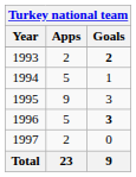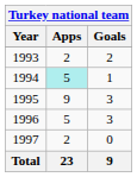 <table class="wikitable" style="text-align:center">
 <tr>
 <th colspan=3><a href='#'>Turkey national team</a></th>
 </tr>
 <tr>
 <th>Year</th>
 <th>Apps</th>
 <th>Goals</th>
 </tr>
 <tr>
 </tr>
 <tr>
 <td>1993</td>
 <td>2</td>
-<td><strong>2</strong></td>
+<td>2</td>
 </tr>
 <tr>
 <td>1994</td>
-<td>5</td>
+<td style="background: paleturquoise;">5</td>
 <td>1</td>
 </tr>
 <tr>
 <td>1995</td>
 <td>9</td>
 <td>3</td>
 </tr>
 <tr>
 <td>1996</td>
 <td>5</td>
-<td><strong>3</strong></td>
+<td>3</td>
 </tr>
 <tr>
 <td>1997</td>
 <td>2</td>
 <td>0</td>
 </tr>
 <tr>
 <th>Total</th>
 <th>23</th>
 <th>9</th>
 </tr>
 </table>
